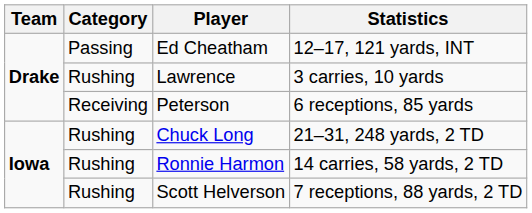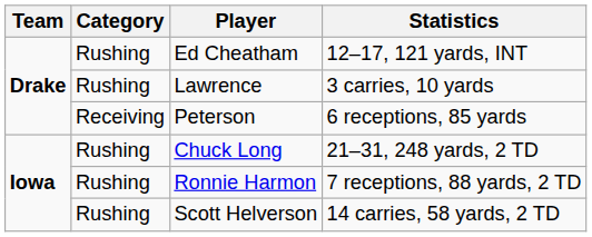 <table class="wikitable" style="float: left;">
 <tr>
 <th>Team</th>
 <th>Category</th>
 <th>Player</th>
 <th>Statistics</th>
 </tr>
 <tr>
 <td rowspan=3><strong>Drake</strong></td>
-<td>Passing</td>
+<td>Rushing</td>
 <td>Ed Cheatham</td>
 <td>12–17, 121 yards, INT</td>
 </tr>
 <tr>
 <td>Rushing</td>
 <td>Lawrence</td>
 <td>3 carries, 10 yards</td>
 </tr>
 <tr>
 <td>Receiving</td>
 <td>Peterson</td>
 <td>6 receptions, 85 yards</td>
 </tr>
 <tr>
 <td rowspan=3><strong>Iowa</strong></td>
 <td>Rushing</td>
 <td><a href='#'>Chuck Long</a></td>
 <td>21–31, 248 yards, 2 TD</td>
 </tr>
 <tr>
 <td>Rushing</td>
 <td><a href='#'>Ronnie Harmon</a></td>
-<td>14 carries, 58 yards, 2 TD</td>
+<td>7 receptions, 88 yards, 2 TD</td>
 </tr>
 <tr>
 <td>Rushing</td>
 <td>Scott Helverson</td>
-<td>7 receptions, 88 yards, 2 TD</td>
+<td>14 carries, 58 yards, 2 TD</td>
 </tr>
 </table>
